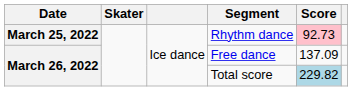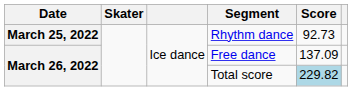 <table class="wikitable unsortable" style="text-align:left">
 <tr>
 <th scope="col">Date</th>
 <th scope="col">Skater</th>
 <th scope="col"></th>
 <th scope="col">Segment</th>
 <th scope="col">Score</th>
 <th scope="col"></th>
 </tr>
 <tr>
 <th style="text-align:left" scope="row">March 25, 2022</th>
 <td rowspan="3"></td>
 <td rowspan="3">Ice dance</td>
 <td><a href='#'>Rhythm dance</a></td>
-<td align="center" style="background: pink;">92.73</td>
+<td align="center">92.73</td>
 <td></td>
 </tr>
 <tr>
 <th style="text-align:left" scope="row" rowspan="2">March 26, 2022</th>
 <td><a href='#'>Free dance</a></td>
 <td align="center">137.09</td>
 <td></td>
 </tr>
 <tr>
 <td>Total score</td>
 <td align="center" style="background: lightblue;">229.82</td>
 <td></td>
 </tr>
 </table>
